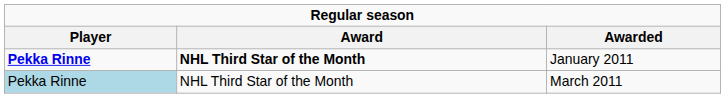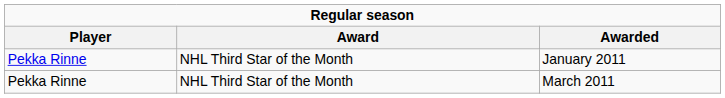 <table class="wikitable" width="52%">
 <tr>
 <td colspan="10" align="center"><strong>Regular season</strong></td>
 </tr>
 <tr>
 <th>Player</th>
 <th>Award</th>
 <th>Awarded</th>
 </tr>
 <tr>
-<td><strong><a href='#'>Pekka Rinne</a></strong></td>
-<td><strong>NHL Third Star of the Month</strong></td>
+<td><a href='#'>Pekka Rinne</a></td>
+<td>NHL Third Star of the Month</td>
 <td>January 2011</td>
 </tr>
 <tr>
-<td style="background: lightblue;">Pekka Rinne</td>
+<td>Pekka Rinne</td>
 <td>NHL Third Star of the Month</td>
 <td>March 2011</td>
 </tr>
 </table>
